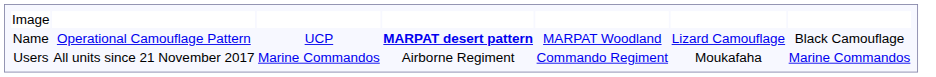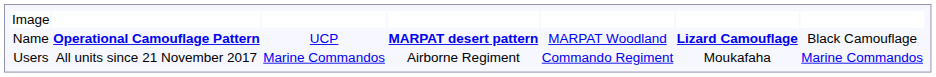 <table style="text-align:center; border:1px solid #8888aa; background:#f7f8ff; padding:5px; font-size:95%; margin:0 12px 12px 0;">
 <tr style="background:#fff;">
 <td>Image</td>
 <td></td>
 <td></td>
 <td></td>
 <td></td>
 <td></td>
 <td></td>
 </tr>
 <tr align=center>
 <td>Name</td>
-<td><a href='#'>Operational Camouflage Pattern</a></td>
+<td><strong><a href='#'>Operational Camouflage Pattern</a></strong></td>
 <td><a href='#'>UCP</a></td>
 <td><strong><a href='#'>MARPAT desert pattern</a></strong></td>
 <td><a href='#'>MARPAT Woodland</a></td>
-<td><a href='#'>Lizard Camouflage</a></td>
+<td><strong><a href='#'>Lizard Camouflage</a></strong></td>
 <td>Black Camouflage</td>
 </tr>
 <tr align=center>
 <td>Users</td>
 <td>All units since 21 November 2017</td>
 <td><a href='#'>Marine Commandos</a></td>
 <td>Airborne Regiment</td>
 <td><a href='#'>Commando Regiment</a></td>
 <td>Moukafaha</td>
 <td><a href='#'>Marine Commandos</a></td>
 </tr>
 </table>
